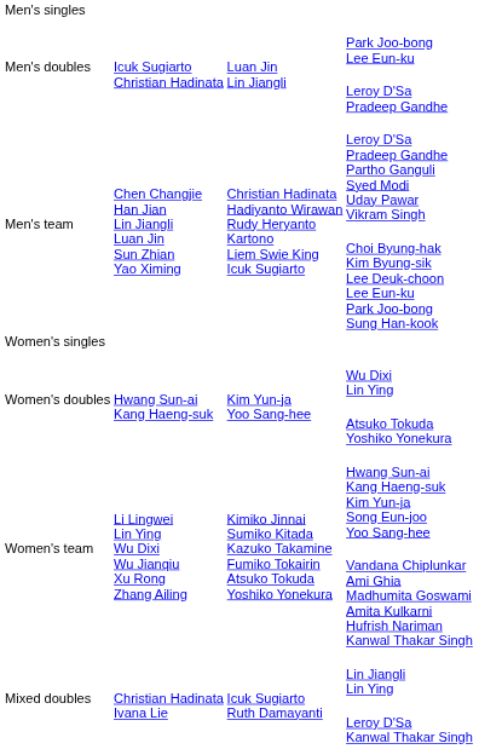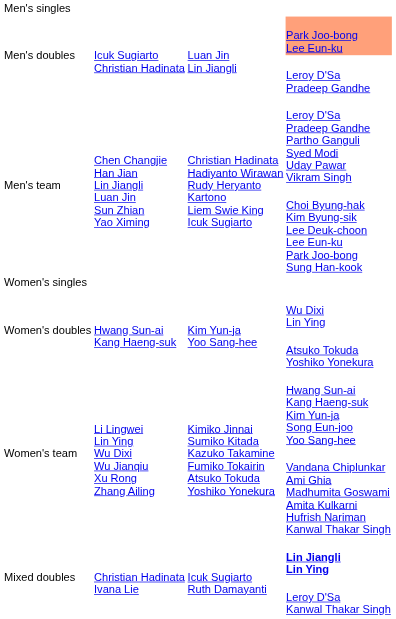 <table>
 <tr>
 <td rowspan=2>Men's singles<br></td>
 <td rowspan=2></td>
 <td rowspan=2></td>
 <td></td>
 </tr>
 <tr>
 <td></td>
 </tr>
 <tr>
 <td rowspan=2>Men's doubles<br></td>
 <td rowspan=2><br><a href='#'>Icuk Sugiarto</a><br><a href='#'>Christian Hadinata</a></td>
 <td rowspan=2><br><a href='#'>Luan Jin</a><br><a href='#'>Lin Jiangli</a></td>
-<td><br><a href='#'>Park Joo-bong</a><br><a href='#'>Lee Eun-ku</a></td>
+<td style="background: lightsalmon;"><br><a href='#'>Park Joo-bong</a><br><a href='#'>Lee Eun-ku</a></td>
 </tr>
 <tr>
 <td><br><a href='#'>Leroy D'Sa</a><br><a href='#'>Pradeep Gandhe</a></td>
 </tr>
 <tr>
 <td rowspan=2>Men's team<br></td>
 <td rowspan=2><br><a href='#'>Chen Changjie</a><br><a href='#'>Han Jian</a><br><a href='#'>Lin Jiangli</a><br><a href='#'>Luan Jin</a><br><a href='#'>Sun Zhian</a><br><a href='#'>Yao Ximing</a></td>
 <td rowspan=2><br><a href='#'>Christian Hadinata</a><br><a href='#'>Hadiyanto Wirawan</a><br><a href='#'>Rudy Heryanto</a><br><a href='#'>Kartono</a><br><a href='#'>Liem Swie King</a><br><a href='#'>Icuk Sugiarto</a></td>
 <td><br><a href='#'>Leroy D'Sa</a><br><a href='#'>Pradeep Gandhe</a><br><a href='#'>Partho Ganguli</a><br><a href='#'>Syed Modi</a><br><a href='#'>Uday Pawar</a><br><a href='#'>Vikram Singh</a></td>
 </tr>
 <tr>
 <td><br><a href='#'>Choi Byung-hak</a><br><a href='#'>Kim Byung-sik</a><br><a href='#'>Lee Deuk-choon</a><br><a href='#'>Lee Eun-ku</a><br><a href='#'>Park Joo-bong</a><br><a href='#'>Sung Han-kook</a></td>
 </tr>
 <tr>
 <td rowspan=2>Women's singles<br></td>
 <td rowspan=2></td>
 <td rowspan=2></td>
 <td></td>
 </tr>
 <tr>
 <td></td>
 </tr>
 <tr>
 <td rowspan=2>Women's doubles<br></td>
 <td rowspan=2><br><a href='#'>Hwang Sun-ai</a><br><a href='#'>Kang Haeng-suk</a></td>
 <td rowspan=2><br><a href='#'>Kim Yun-ja</a><br><a href='#'>Yoo Sang-hee</a></td>
 <td><br><a href='#'>Wu Dixi</a><br><a href='#'>Lin Ying</a></td>
 </tr>
 <tr>
 <td><br><a href='#'>Atsuko Tokuda</a><br><a href='#'>Yoshiko Yonekura</a></td>
 </tr>
 <tr>
 <td rowspan=2>Women's team<br></td>
 <td rowspan=2><br><a href='#'>Li Lingwei</a><br><a href='#'>Lin Ying</a><br><a href='#'>Wu Dixi</a><br><a href='#'>Wu Jianqiu</a><br><a href='#'>Xu Rong</a><br><a href='#'>Zhang Ailing</a></td>
 <td rowspan=2><br><a href='#'>Kimiko Jinnai</a><br><a href='#'>Sumiko Kitada</a><br><a href='#'>Kazuko Takamine</a><br><a href='#'>Fumiko Tokairin</a><br><a href='#'>Atsuko Tokuda</a><br><a href='#'>Yoshiko Yonekura</a></td>
 <td><br><a href='#'>Hwang Sun-ai</a><br><a href='#'>Kang Haeng-suk</a><br><a href='#'>Kim Yun-ja</a><br><a href='#'>Song Eun-joo</a><br><a href='#'>Yoo Sang-hee</a></td>
 </tr>
 <tr>
 <td><br><a href='#'>Vandana Chiplunkar</a><br><a href='#'>Ami Ghia</a><br><a href='#'>Madhumita Goswami</a><br><a href='#'>Amita Kulkarni</a><br><a href='#'>Hufrish Nariman</a><br><a href='#'>Kanwal Thakar Singh</a></td>
 </tr>
 <tr>
 <td rowspan=2>Mixed doubles<br></td>
 <td rowspan=2><br><a href='#'>Christian Hadinata</a><br><a href='#'>Ivana Lie</a></td>
 <td rowspan=2><br><a href='#'>Icuk Sugiarto</a><br><a href='#'>Ruth Damayanti</a></td>
-<td><br><a href='#'>Lin Jiangli</a><br><a href='#'>Lin Ying</a></td>
+<td><strong><br><a href='#'>Lin Jiangli</a><br><a href='#'>Lin Ying</a></strong></td>
 </tr>
 <tr>
 <td><br><a href='#'>Leroy D'Sa</a><br><a href='#'>Kanwal Thakar Singh</a></td>
 </tr>
 </table>
